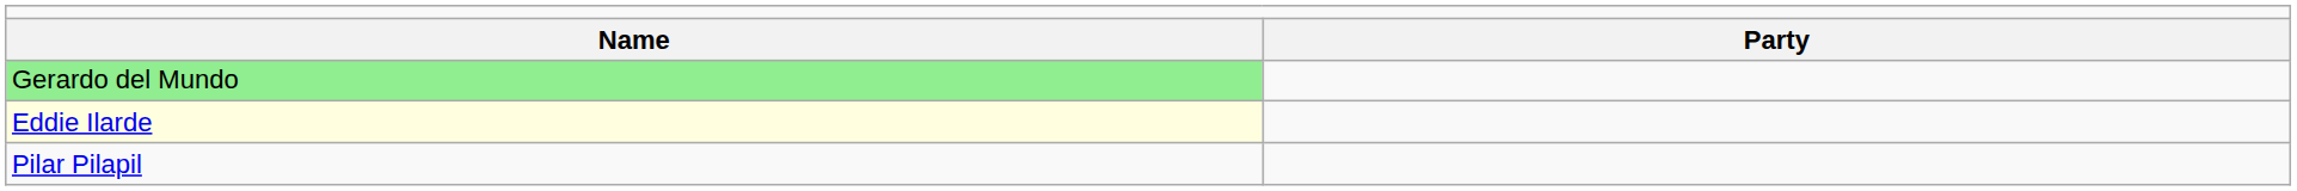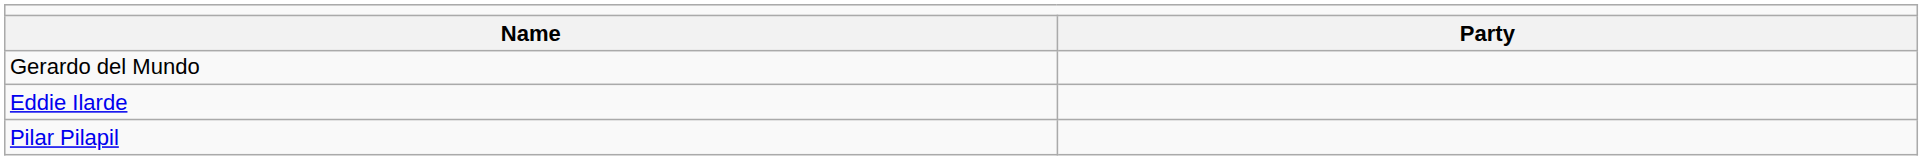 <table class=wikitable style="font-size:90%" width=99%>
 <tr>
 <td colspan=4 bgcolor=></td>
 </tr>
 <tr>
 <th width=55%>Name</th>
 <th colspan=2 width=110px>Party</th>
 </tr>
 <tr>
-<td style="background: lightgreen;">Gerardo del Mundo</td>
+<td>Gerardo del Mundo</td>
 <td></td>
 </tr>
 <tr>
-<td style="background: lightyellow;"><a href='#'>Eddie Ilarde</a></td>
+<td><a href='#'>Eddie Ilarde</a></td>
 <td></td>
 </tr>
 <tr>
 <td><a href='#'>Pilar Pilapil</a></td>
 <td></td>
 </tr>
 </table>
